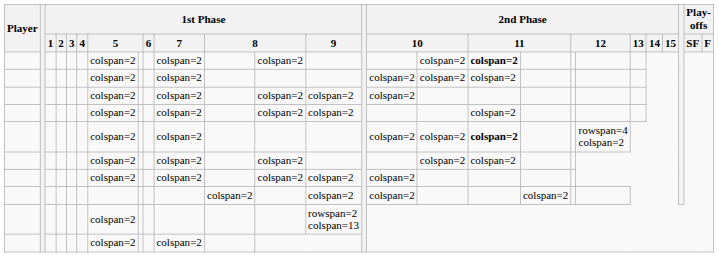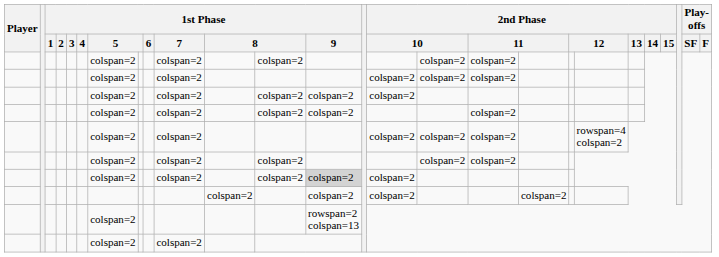 <table class="wikitable">
 <tr>
 <th rowspan=2>Player</th>
 <th rowspan=13></th>
 <th colspan=11>1st Phase</th>
 <th rowspan=12></th>
 <th colspan=10>2nd Phase</th>
 <th rowspan=10></th>
 <th colspan=2>Play-offs</th>
 </tr>
 <tr>
 <th>1</th>
 <th>2</th>
 <th>3</th>
 <th>4</th>
 <th colspan=2>5</th>
 <th>6</th>
 <th>7</th>
 <th colspan=2>8</th>
 <th>9</th>
 <th colspan=2>10</th>
 <th colspan=2>11</th>
 <th colspan=2>12</th>
 <th colspan=2>13</th>
 <th>14</th>
 <th>15</th>
 <th>SF</th>
 <th>F</th>
 </tr>
 <tr>
 <td> </td>
 <td></td>
 <td></td>
 <td></td>
 <td></td>
 <td>colspan=2 </td>
 <td></td>
 <td></td>
 <td>colspan=2 </td>
 <td></td>
 <td>colspan=2 </td>
 <td></td>
 <td></td>
 <td>colspan=2 </td>
-<td><strong>colspan=2 </strong></td>
+<td>colspan=2 </td>
 <td></td>
 <td></td>
 <td></td>
 <td></td>
 </tr>
 <tr>
 <td></td>
 <td></td>
 <td></td>
 <td></td>
 <td></td>
 <td>colspan=2 </td>
 <td></td>
 <td></td>
 <td>colspan=2 </td>
 <td></td>
 <td></td>
 <td></td>
 <td>colspan=2 </td>
 <td>colspan=2 </td>
 <td>colspan=2 </td>
 <td></td>
 <td></td>
 <td></td>
 <td></td>
 </tr>
 <tr>
 <td></td>
 <td></td>
 <td></td>
 <td></td>
 <td></td>
 <td>colspan=2 </td>
 <td></td>
 <td></td>
 <td>colspan=2 </td>
 <td></td>
 <td>colspan=2 </td>
 <td>colspan=2 </td>
 <td>colspan=2 </td>
 <td></td>
 <td></td>
 <td></td>
 <td></td>
 <td></td>
 <td></td>
 </tr>
 <tr>
 <td> </td>
 <td></td>
 <td></td>
 <td></td>
 <td></td>
 <td>colspan=2 </td>
 <td></td>
 <td></td>
 <td>colspan=2 </td>
 <td></td>
 <td>colspan=2 </td>
 <td>colspan=2 </td>
 <td></td>
 <td></td>
 <td>colspan=2 </td>
 <td></td>
 <td></td>
 <td></td>
 <td></td>
 </tr>
 <tr>
 <td> </td>
 <td></td>
 <td></td>
 <td></td>
 <td></td>
 <td>colspan=2 </td>
 <td></td>
 <td></td>
 <td>colspan=2 </td>
 <td></td>
 <td></td>
 <td></td>
 <td>colspan=2 </td>
 <td>colspan=2 </td>
-<td><strong>colspan=2 </strong></td>
+<td>colspan=2 </td>
 <td></td>
 <td></td>
 <td>rowspan=4 colspan=2 </td>
 </tr>
 <tr>
 <td> </td>
 <td></td>
 <td></td>
 <td></td>
 <td></td>
 <td>colspan=2 </td>
 <td></td>
 <td></td>
 <td>colspan=2 </td>
 <td></td>
 <td>colspan=2 </td>
 <td></td>
 <td></td>
 <td>colspan=2 </td>
 <td>colspan=2 </td>
 <td></td>
 <td></td>
 </tr>
 <tr>
 <td> </td>
 <td></td>
 <td></td>
 <td></td>
 <td></td>
 <td>colspan=2 </td>
 <td></td>
 <td></td>
 <td>colspan=2 </td>
 <td></td>
 <td>colspan=2 </td>
-<td>colspan=2 </td>
+<td style="background: lightgrey;">colspan=2 </td>
 <td>colspan=2 </td>
 <td></td>
 <td></td>
 <td></td>
 <td></td>
 </tr>
 <tr>
 <td> </td>
 <td></td>
 <td></td>
 <td></td>
 <td></td>
 <td></td>
 <td></td>
 <td></td>
 <td></td>
 <td>colspan=2 </td>
 <td></td>
 <td>colspan=2 </td>
 <td>colspan=2 </td>
 <td></td>
 <td></td>
 <td>colspan=2 </td>
 <td></td>
 <td></td>
 </tr>
 <tr>
 <td> </td>
 <td></td>
 <td></td>
 <td></td>
 <td></td>
 <td>colspan=2 </td>
 <td></td>
 <td></td>
 <td></td>
 <td></td>
 <td></td>
 <td>rowspan=2 colspan=13 </td>
 </tr>
 <tr>
 <td> </td>
 <td></td>
 <td></td>
 <td></td>
 <td></td>
 <td>colspan=2 </td>
 <td></td>
 <td></td>
 <td>colspan=2 </td>
 <td></td>
 </tr>
 </table>
